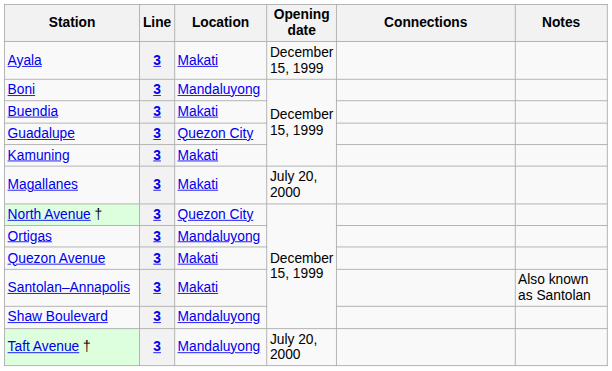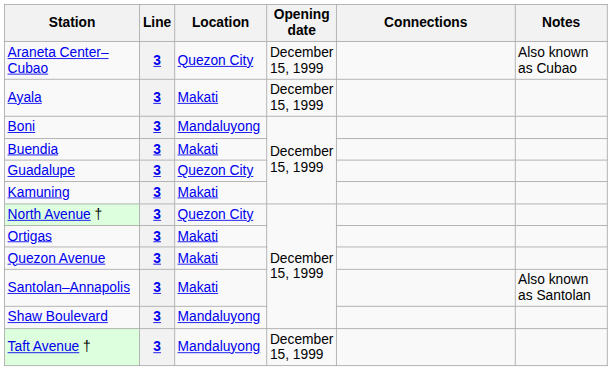 <table class="wikitable sortable">
 <tr>
 <th width="150">Station</th>
 <th class="unsortable" width="25">Line</th>
 <th width="100">Location</th>
 <th width="50">Opening date</th>
 <th width="200">Connections</th>
 <th width="100">Notes</th>
+</tr>
+<tr>
+<td><a href='#'>Araneta Center–Cubao</a></td>
+<th style="background-color:#"><a href='#'><span>3</span></a></th>
+<td><a href='#'>Quezon City</a></td>
+<td>December 15, 1999</td>
+<td></td>
+<td>Also known as Cubao</td>
 </tr>
 <tr>
 <td><a href='#'>Ayala</a></td>
 <th style="background-color:#"><a href='#'><span>3</span></a></th>
 <td><a href='#'>Makati</a></td>
 <td>December 15, 1999</td>
 <td></td>
 <td></td>
 </tr>
 <tr>
 <td><a href='#'>Boni</a></td>
 <th style="background-color:#"><a href='#'><span>3</span></a></th>
 <td><a href='#'>Mandaluyong</a></td>
 <td rowspan="4">December 15, 1999</td>
 <td></td>
 <td></td>
 </tr>
 <tr>
 <td><a href='#'>Buendia</a></td>
 <th style="background-color:#"><a href='#'><span>3</span></a></th>
 <td><a href='#'>Makati</a></td>
 <td></td>
 <td></td>
 </tr>
 <tr>
 <td><a href='#'>Guadalupe</a></td>
 <th style="background-color:#"><a href='#'><span>3</span></a></th>
 <td><a href='#'>Quezon City</a></td>
 <td></td>
 <td></td>
 </tr>
 <tr>
 <td><a href='#'>Kamuning</a></td>
 <th style="background-color:#"><a href='#'><span>3</span></a></th>
 <td><a href='#'>Makati</a></td>
 <td></td>
 <td></td>
 </tr>
 <tr>
-<td><a href='#'>Magallanes</a></td>
-<th style="background-color:#"><a href='#'><span>3</span></a></th>
-<td><a href='#'>Makati</a></td>
-<td>July 20, 2000</td>
-<td></td>
-<td></td>
-</tr>
-<tr>
 <td style="background-color:#ddffdd"><a href='#'>North Avenue</a> †</td>
 <th style="background-color:#"><a href='#'><span>3</span></a></th>
 <td><a href='#'>Quezon City</a></td>
 <td rowspan="5">December 15, 1999</td>
 <td></td>
 <td></td>
 </tr>
 <tr>
 <td><a href='#'>Ortigas</a></td>
 <th style="background-color:#"><a href='#'><span>3</span></a></th>
-<td><a href='#'>Mandaluyong</a></td>
+<td><a href='#'>Makati</a></td>
 <td></td>
 <td></td>
 </tr>
 <tr>
 <td><a href='#'>Quezon Avenue</a></td>
 <th style="background-color:#"><a href='#'><span>3</span></a></th>
 <td><a href='#'>Makati</a></td>
 <td></td>
 <td></td>
 </tr>
 <tr>
 <td><a href='#'>Santolan–Annapolis</a></td>
 <th style="background-color:#"><a href='#'><span>3</span></a></th>
 <td><a href='#'>Makati</a></td>
 <td></td>
 <td>Also known as Santolan</td>
 </tr>
 <tr>
 <td><a href='#'>Shaw Boulevard</a></td>
 <th style="background-color:#"><a href='#'><span>3</span></a></th>
 <td><a href='#'>Mandaluyong</a></td>
 <td></td>
 <td></td>
 </tr>
 <tr>
 <td style="background-color:#ddffdd"><a href='#'>Taft Avenue</a> †</td>
 <th style="background-color:#"><a href='#'><span>3</span></a></th>
 <td><a href='#'>Mandaluyong</a></td>
-<td>July 20, 2000</td>
+<td>December 15, 1999</td>
 <td></td>
 <td></td>
 </tr>
 </table>
